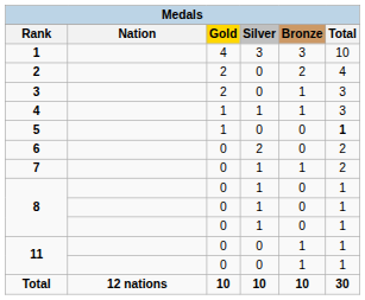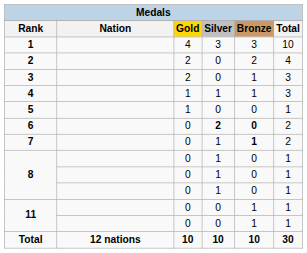 <table class="wikitable" style="text-align:center">
 <tr>
 <td colspan="6" style="background:#BCD4E6"><strong>Medals</strong></td>
 </tr>
 <tr>
 </tr>
 <tr style="background-color:#EDEDED;">
 <th width="75px" class="hintergrundfarbe5">Rank</th>
 <th width="175px" class="hintergrundfarbe6">Nation</th>
 <th style="background:    gold; width:35px ">Gold</th>
 <th style="background:  silver; width:35px ">Silver</th>
 <th style="background: #CC9966; width:35px ">Bronze</th>
 <th width="35px">Total</th>
 </tr>
 <tr>
 <td><strong>1</strong></td>
 <td align=left></td>
 <td>4</td>
 <td>3</td>
 <td>3</td>
 <td>10</td>
 </tr>
 <tr>
 <td><strong>2</strong></td>
 <td align=left></td>
 <td>2</td>
 <td>0</td>
 <td>2</td>
 <td>4</td>
 </tr>
 <tr>
 <td><strong>3</strong></td>
 <td align=left></td>
 <td>2</td>
 <td>0</td>
 <td>1</td>
 <td>3</td>
 </tr>
 <tr>
 <td><strong>4</strong></td>
 <td align=left></td>
 <td>1</td>
 <td>1</td>
 <td>1</td>
 <td>3</td>
 </tr>
 <tr>
 <td><strong>5</strong></td>
 <td align=left></td>
 <td>1</td>
 <td>0</td>
 <td>0</td>
-<td><strong>1</strong></td>
+<td>1</td>
 </tr>
 <tr>
 <td><strong>6</strong></td>
 <td align=left></td>
 <td>0</td>
-<td>2</td>
-<td>0</td>
+<td><strong>2</strong></td>
+<td><strong>0</strong></td>
 <td>2</td>
 </tr>
 <tr>
 <td><strong>7</strong></td>
 <td align=left></td>
 <td>0</td>
 <td>1</td>
-<td>1</td>
+<td><strong>1</strong></td>
 <td>2</td>
 </tr>
 <tr>
 <td rowspan=3><strong>8</strong></td>
 <td align=left></td>
 <td>0</td>
 <td>1</td>
 <td>0</td>
 <td>1</td>
 </tr>
 <tr>
 <td align=left></td>
 <td>0</td>
 <td>1</td>
 <td>0</td>
 <td>1</td>
 </tr>
 <tr>
 <td align=left></td>
 <td>0</td>
 <td>1</td>
 <td>0</td>
 <td>1</td>
 </tr>
 <tr>
 <td rowspan=2><strong>11</strong></td>
 <td align=left></td>
 <td>0</td>
 <td>0</td>
 <td>1</td>
 <td>1</td>
 </tr>
 <tr>
 <td align=left></td>
 <td>0</td>
 <td>0</td>
 <td>1</td>
 <td>1</td>
 </tr>
 <tr>
 <td><strong>Total</strong></td>
 <td><strong>12 nations</strong></td>
 <td><strong>10</strong></td>
 <td><strong>10</strong></td>
 <td><strong>10</strong></td>
 <td><strong>30</strong></td>
 </tr>
 </table>
